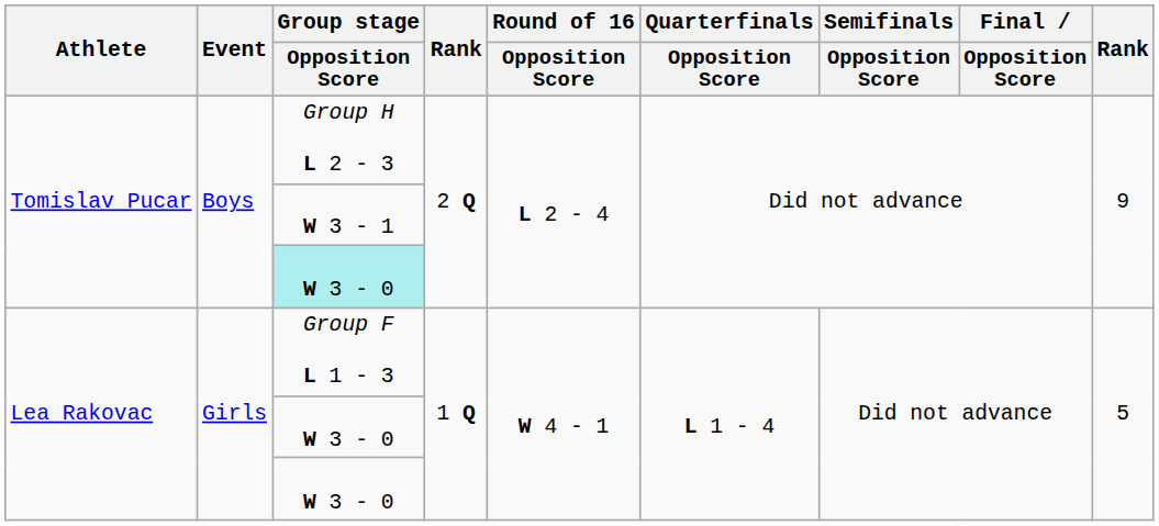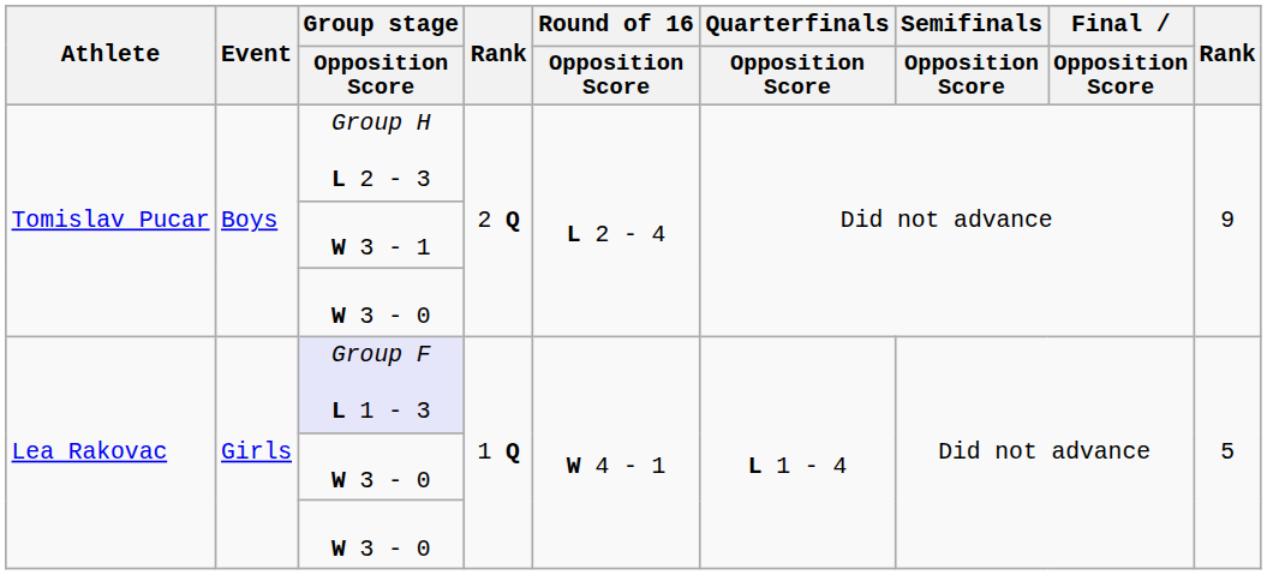 <table class=wikitable style="font-size:90%">
 <tr>
 <th rowspan="2">Athlete</th>
 <th rowspan="2">Event</th>
 <th>Group stage</th>
 <th rowspan="2">Rank</th>
 <th>Round of 16</th>
 <th>Quarterfinals</th>
 <th>Semifinals</th>
 <th>Final / </th>
 <th rowspan=2>Rank</th>
 </tr>
 <tr style="font-size:95%">
 <th>Opposition<br>Score</th>
 <th>Opposition<br>Score</th>
 <th>Opposition<br>Score</th>
 <th>Opposition<br>Score</th>
 <th>Opposition<br>Score</th>
 </tr>
 <tr align=center>
 <td align=left rowspan=3><a href='#'>Tomislav Pucar</a></td>
 <td align=left rowspan=3><a href='#'>Boys</a></td>
 <td><em>Group H</em><br><br><strong>L</strong> 2 - 3</td>
 <td rowspan=3>2 <strong>Q</strong></td>
 <td rowspan=3><br> <strong>L</strong> 2 - 4</td>
 <td rowspan=3 colspan=3>Did not advance</td>
 <td rowspan=3>9</td>
 </tr>
 <tr align=center>
 <td><br><strong>W</strong> 3 - 1</td>
 </tr>
 <tr align=center>
-<td style="background: paleturquoise;"><br><strong>W</strong> 3 - 0</td>
+<td><br><strong>W</strong> 3 - 0</td>
 </tr>
 <tr align=center>
 <td align=left rowspan=3><a href='#'>Lea Rakovac</a></td>
 <td align=left rowspan=3><a href='#'>Girls</a></td>
-<td><em>Group F</em><br><br><strong>L</strong> 1 - 3</td>
+<td style="background: lavender;"><em>Group F</em><br><br><strong>L</strong> 1 - 3</td>
 <td rowspan=3>1 <strong>Q</strong></td>
 <td rowspan=3><br><strong>W</strong> 4 - 1</td>
 <td rowspan=3><br><strong>L</strong> 1 - 4</td>
 <td rowspan=3 colspan=2>Did not advance</td>
 <td rowspan=3>5</td>
 </tr>
 <tr align=center>
 <td><br><strong>W</strong> 3 - 0</td>
 </tr>
 <tr align=center>
 <td><br><strong>W</strong> 3 - 0</td>
 </tr>
 </table>
